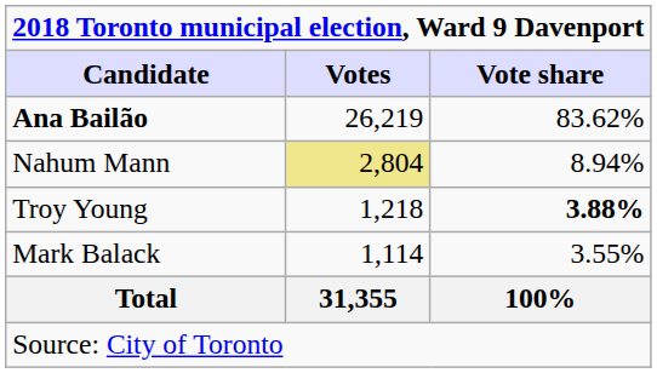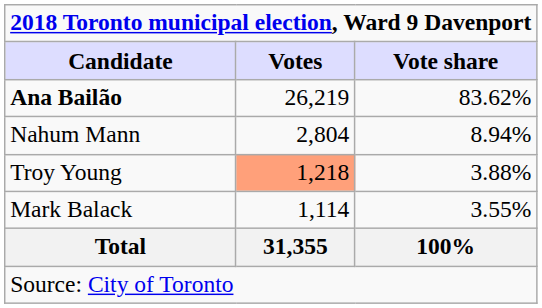 <table class="wikitable plainrowheaders">
 <tr>
 <td colspan="3"><strong><a href='#'>2018 Toronto municipal election</a>, Ward 9 Davenport</strong></td>
 </tr>
 <tr>
 <th scope="col" style="background:#ddf; width:150px;">Candidate</th>
 <th scope="col" style="background:#ddf;">Votes</th>
 <th scope="col" style="background:#ddf;">Vote share</th>
 </tr>
 <tr>
 <td scope="row"><strong>Ana Bailão</strong></td>
 <td align="right">26,219</td>
 <td align="right">83.62%</td>
 </tr>
 <tr>
 <td scope="row">Nahum Mann</td>
-<td align="right" style="background: khaki;">2,804</td>
+<td align="right">2,804</td>
 <td align="right">8.94%</td>
 </tr>
 <tr>
 <td scope="row">Troy Young</td>
-<td align="right">1,218</td>
-<td align="right"><strong>3.88%</strong></td>
+<td align="right" style="background: lightsalmon;">1,218</td>
+<td align="right">3.88%</td>
 </tr>
 <tr>
 <td scope="row">Mark Balack</td>
 <td align="right">1,114</td>
 <td align="right">3.55%</td>
 </tr>
 <tr>
 <th scope="row"><strong>Total</strong></th>
 <th align="right">31,355</th>
 <th align="right">100%</th>
 </tr>
 <tr>
 <td colspan="3">Source: <a href='#'>City of Toronto</a></td>
 </tr>
 </table>
